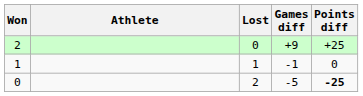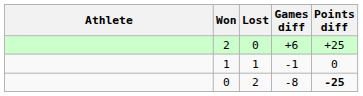 <table class="wikitable">
 <tr>
+<th style="width:18em">Athlete</th>
 <th>Won</th>
-<th style="width:18em">Athlete</th>
 <th>Lost</th>
 <th>Games<br>diff</th>
 <th>Points<br>diff</th>
 </tr>
 <tr bgcolor=ccffcc>
+<td></td>
 <td align="center">2</td>
-<td></td>
 <td align="center">0</td>
-<td align="center">+9</td>
+<td align="center">+6</td>
 <td align="center">+25</td>
 </tr>
 <tr>
+<td></td>
 <td align="center">1</td>
-<td></td>
 <td align="center">1</td>
 <td align="center">-1</td>
 <td align="center">0</td>
 </tr>
 <tr>
+<td></td>
 <td align="center">0</td>
-<td></td>
 <td align="center">2</td>
-<td align="center">-5</td>
+<td align="center">-8</td>
 <td align="center"><strong>-25</strong></td>
 </tr>
 </table>
